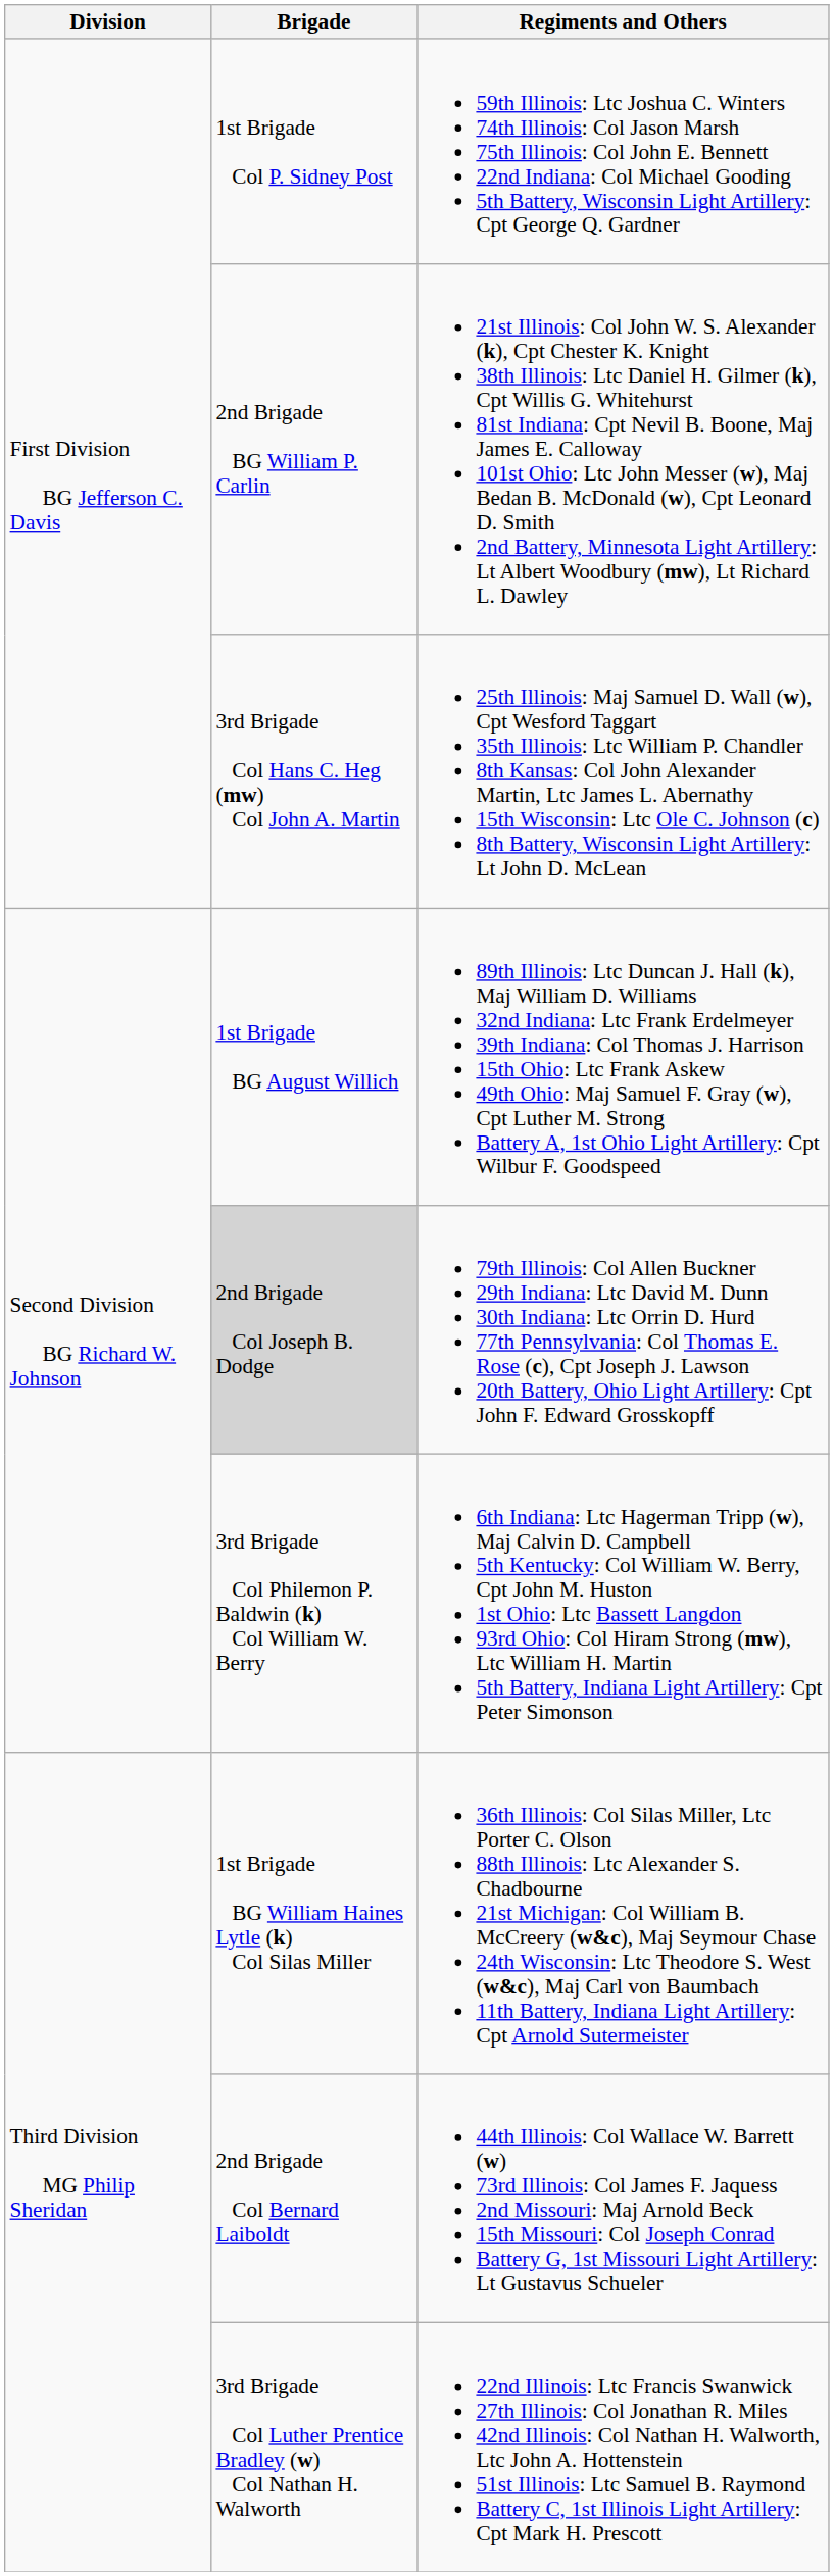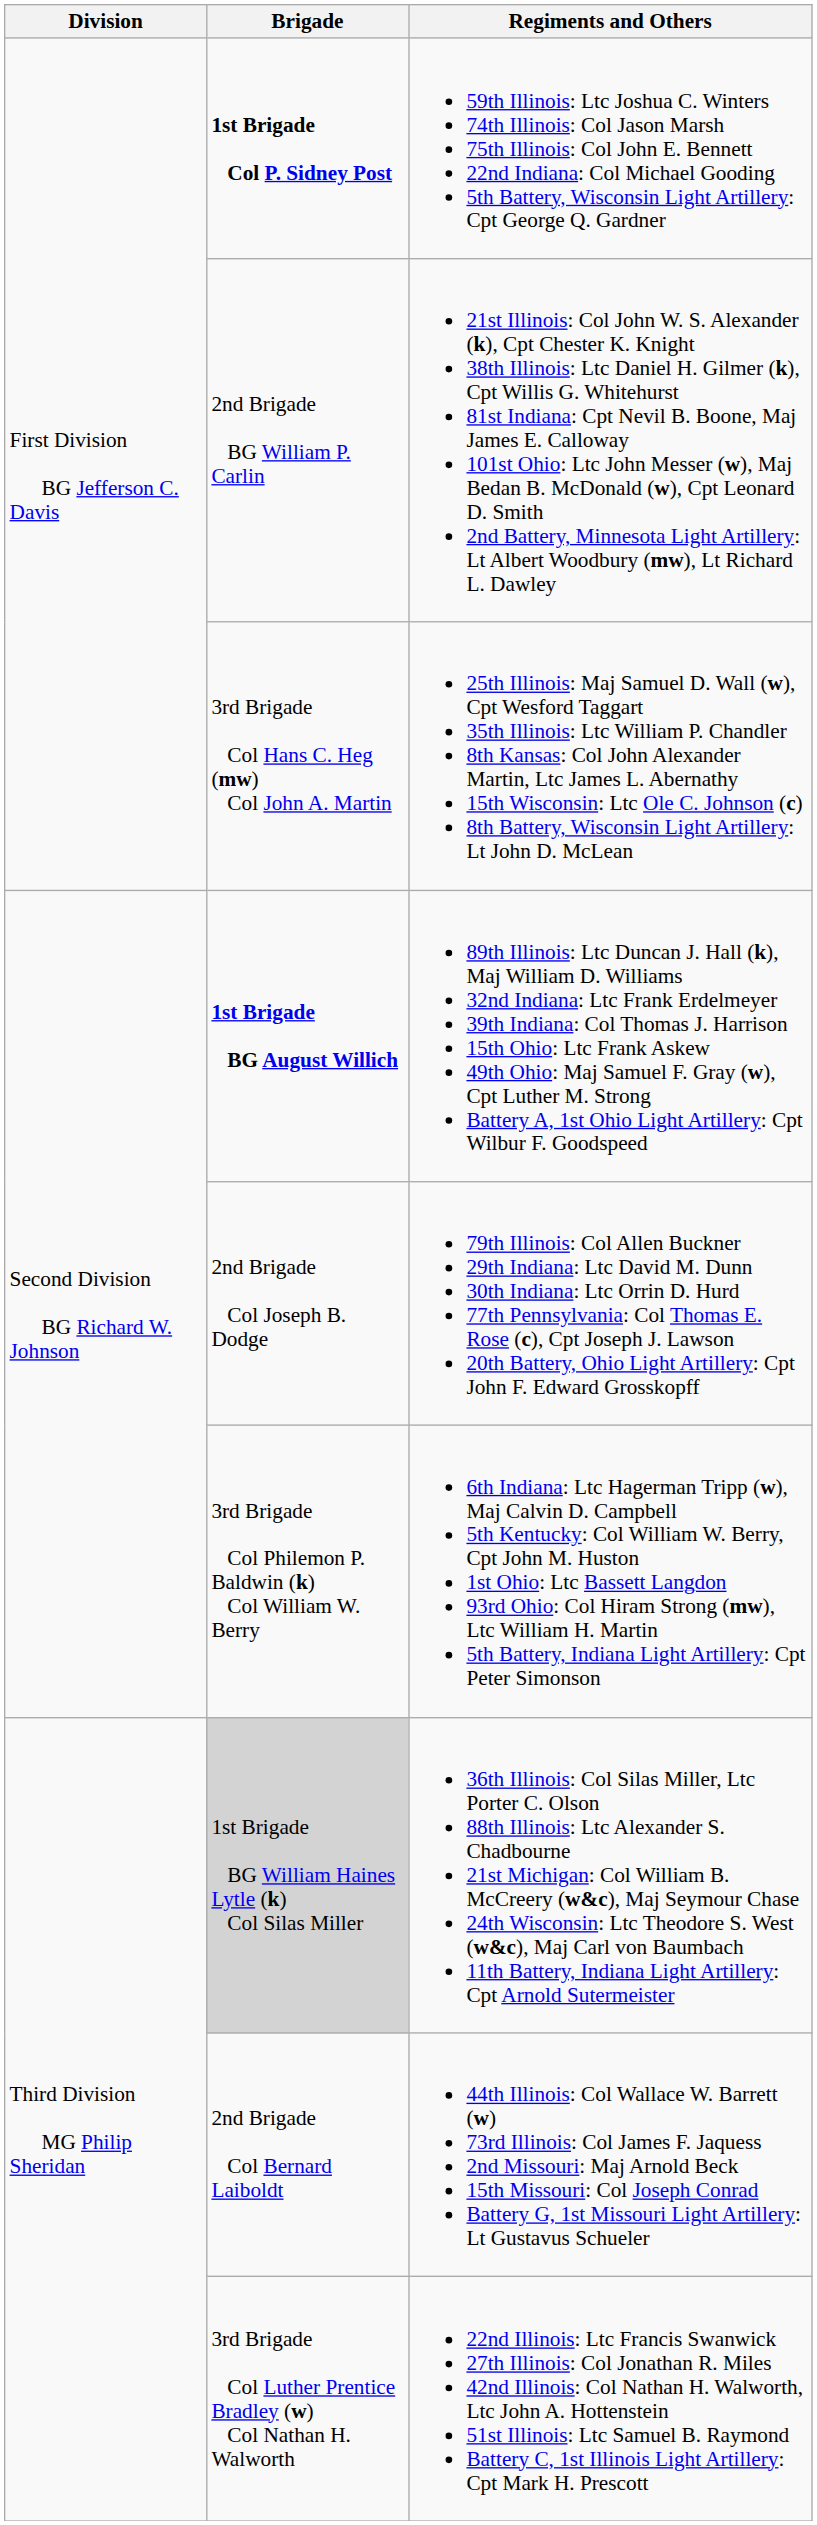 <table class="wikitable">
 <tr>
 <th width=25%>Division</th>
 <th width=25%>Brigade</th>
 <th>Regiments and Others</th>
 </tr>
 <tr>
 <td rowspan=3><br>First Division<br><br>      BG <a href='#'>Jefferson C. Davis</a></td>
-<td>1st Brigade<br><br>   Col <a href='#'>P. Sidney Post</a></td>
+<td><strong>1st Brigade<br><br>   Col <a href='#'>P. Sidney Post</a></strong></td>
 <td><br><ul><li><a href='#'>59th Illinois</a>: Ltc Joshua C. Winters</li><li><a href='#'>74th Illinois</a>: Col Jason Marsh</li><li><a href='#'>75th Illinois</a>: Col John E. Bennett</li><li><a href='#'>22nd Indiana</a>: Col Michael Gooding</li><li><a href='#'>5th Battery, Wisconsin Light Artillery</a>: Cpt George Q. Gardner</li></ul></td>
 </tr>
 <tr>
 <td>2nd Brigade<br><br>   BG <a href='#'>William P. Carlin</a></td>
 <td><br><ul><li><a href='#'>21st Illinois</a>: Col John W. S. Alexander (<strong>k</strong>), Cpt Chester K. Knight</li><li><a href='#'>38th Illinois</a>: Ltc Daniel H. Gilmer (<strong>k</strong>), Cpt Willis G. Whitehurst</li><li><a href='#'>81st Indiana</a>: Cpt Nevil B. Boone, Maj James E. Calloway</li><li><a href='#'>101st Ohio</a>: Ltc John Messer (<strong>w</strong>), Maj Bedan B. McDonald (<strong>w</strong>), Cpt Leonard D. Smith</li><li><a href='#'>2nd Battery, Minnesota Light Artillery</a>: Lt Albert Woodbury (<strong>mw</strong>), Lt Richard L. Dawley</li></ul></td>
 </tr>
 <tr>
 <td>3rd Brigade<br><br>   Col <a href='#'>Hans C. Heg</a> (<strong>mw</strong>) <br>   Col <a href='#'>John A. Martin</a></td>
 <td><br><ul><li><a href='#'>25th Illinois</a>: Maj Samuel D. Wall (<strong>w</strong>), Cpt Wesford Taggart</li><li><a href='#'>35th Illinois</a>: Ltc William P. Chandler</li><li><a href='#'>8th Kansas</a>: Col John Alexander Martin, Ltc James L. Abernathy</li><li><a href='#'>15th Wisconsin</a>: Ltc <a href='#'>Ole C. Johnson</a> (<strong>c</strong>)</li><li><a href='#'>8th Battery, Wisconsin Light Artillery</a>: Lt John D. McLean</li></ul></td>
 </tr>
 <tr>
 <td rowspan=3><br>Second Division<br><br>      BG <a href='#'>Richard W. Johnson</a></td>
-<td><a href='#'>1st Brigade</a><br><br>   BG <a href='#'>August Willich</a></td>
+<td><strong><a href='#'>1st Brigade</a><br><br>   BG <a href='#'>August Willich</a></strong></td>
 <td><br><ul><li><a href='#'>89th Illinois</a>: Ltc Duncan J. Hall (<strong>k</strong>), Maj William D. Williams</li><li><a href='#'>32nd Indiana</a>: Ltc Frank Erdelmeyer</li><li><a href='#'>39th Indiana</a>: Col Thomas J. Harrison</li><li><a href='#'>15th Ohio</a>: Ltc Frank Askew</li><li><a href='#'>49th Ohio</a>: Maj Samuel F. Gray (<strong>w</strong>), Cpt Luther M. Strong</li><li><a href='#'>Battery A, 1st Ohio Light Artillery</a>: Cpt Wilbur F. Goodspeed</li></ul></td>
 </tr>
 <tr>
-<td style="background: lightgrey;">2nd Brigade<br><br>   Col Joseph B. Dodge</td>
+<td>2nd Brigade<br><br>   Col Joseph B. Dodge</td>
 <td><br><ul><li><a href='#'>79th Illinois</a>: Col Allen Buckner</li><li><a href='#'>29th Indiana</a>: Ltc David M. Dunn</li><li><a href='#'>30th Indiana</a>: Ltc Orrin D. Hurd</li><li><a href='#'>77th Pennsylvania</a>: Col <a href='#'>Thomas E. Rose</a> (<strong>c</strong>), Cpt Joseph J. Lawson</li><li><a href='#'>20th Battery, Ohio Light Artillery</a>: Cpt John F. Edward Grosskopff</li></ul></td>
 </tr>
 <tr>
 <td>3rd Brigade<br><br>   Col Philemon P. Baldwin (<strong>k</strong>) <br>   Col William W. Berry</td>
 <td><br><ul><li><a href='#'>6th Indiana</a>: Ltc Hagerman Tripp (<strong>w</strong>), Maj Calvin D. Campbell</li><li><a href='#'>5th Kentucky</a>: Col William W. Berry, Cpt John M. Huston</li><li><a href='#'>1st Ohio</a>: Ltc <a href='#'>Bassett Langdon</a></li><li><a href='#'>93rd Ohio</a>: Col Hiram Strong (<strong>mw</strong>), Ltc William H. Martin</li><li><a href='#'>5th Battery, Indiana Light Artillery</a>: Cpt Peter Simonson</li></ul></td>
 </tr>
 <tr>
 <td rowspan=3><br>Third Division<br><br>      MG <a href='#'>Philip Sheridan</a></td>
-<td>1st Brigade<br><br>   BG <a href='#'>William Haines Lytle</a> (<strong>k</strong>) <br>   Col Silas Miller</td>
+<td style="background: lightgrey;">1st Brigade<br><br>   BG <a href='#'>William Haines Lytle</a> (<strong>k</strong>) <br>   Col Silas Miller</td>
 <td><br><ul><li><a href='#'>36th Illinois</a>: Col Silas Miller, Ltc Porter C. Olson</li><li><a href='#'>88th Illinois</a>: Ltc Alexander S. Chadbourne</li><li><a href='#'>21st Michigan</a>: Col William B. McCreery (<strong>w&c</strong>), Maj Seymour Chase</li><li><a href='#'>24th Wisconsin</a>: Ltc Theodore S. West (<strong>w&c</strong>), Maj Carl von Baumbach</li><li><a href='#'>11th Battery, Indiana Light Artillery</a>: Cpt <a href='#'>Arnold Sutermeister</a></li></ul></td>
 </tr>
 <tr>
 <td>2nd Brigade<br><br>   Col <a href='#'>Bernard Laiboldt</a></td>
 <td><br><ul><li><a href='#'>44th Illinois</a>: Col Wallace W. Barrett (<strong>w</strong>)</li><li><a href='#'>73rd Illinois</a>: Col James F. Jaquess</li><li><a href='#'>2nd Missouri</a>: Maj Arnold Beck</li><li><a href='#'>15th Missouri</a>: Col <a href='#'>Joseph Conrad</a></li><li><a href='#'>Battery G, 1st Missouri Light Artillery</a>: Lt Gustavus Schueler</li></ul></td>
 </tr>
 <tr>
 <td>3rd Brigade<br><br>   Col <a href='#'>Luther Prentice Bradley</a> (<strong>w</strong>) <br>   Col Nathan H. Walworth</td>
 <td><br><ul><li><a href='#'>22nd Illinois</a>: Ltc Francis Swanwick</li><li><a href='#'>27th Illinois</a>: Col Jonathan R. Miles</li><li><a href='#'>42nd Illinois</a>: Col Nathan H. Walworth, Ltc John A. Hottenstein</li><li><a href='#'>51st Illinois</a>: Ltc Samuel B. Raymond</li><li><a href='#'>Battery C, 1st Illinois Light Artillery</a>: Cpt Mark H. Prescott</li></ul></td>
 </tr>
 </table>
